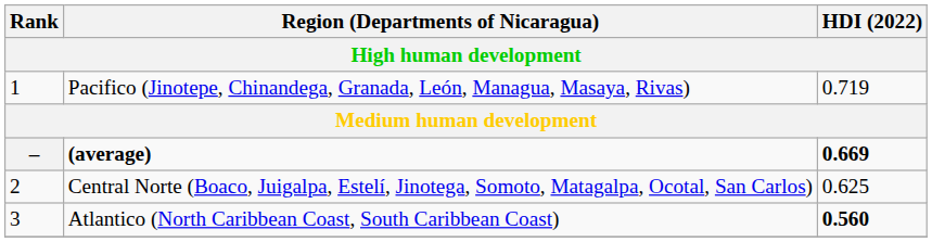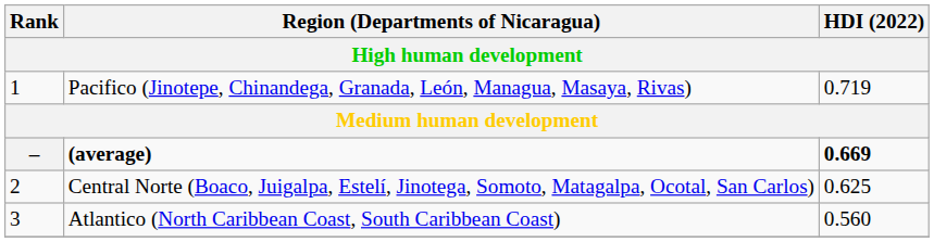 <table class="wikitable sortable">
 <tr>
 <th class="sort">Rank</th>
 <th class="sort">Region (Departments of Nicaragua)</th>
 <th class="sort">HDI (2022)</th>
 </tr>
 <tr>
 <th colspan="3" style="color:#0c0;">High human development</th>
 </tr>
 <tr>
 <td>1</td>
 <td>Pacifico (<a href='#'>Jinotepe</a>, <a href='#'>Chinandega</a>, <a href='#'>Granada</a>, <a href='#'>León</a>, <a href='#'>Managua</a>, <a href='#'>Masaya</a>, <a href='#'>Rivas</a>)</td>
 <td>0.719</td>
 </tr>
 <tr>
 <th colspan="3" style="color:#fc0;" align="center"><strong>Medium human development</strong></th>
 </tr>
 <tr>
 <th>–</th>
 <td> <strong>(average)</strong></td>
 <td><strong>0.669</strong></td>
 </tr>
 <tr>
 <td>2</td>
 <td>Central Norte (<a href='#'>Boaco</a>, <a href='#'>Juigalpa</a>, <a href='#'>Estelí</a>, <a href='#'>Jinotega</a>, <a href='#'>Somoto</a>, <a href='#'>Matagalpa</a>, <a href='#'>Ocotal</a>, <a href='#'>San Carlos</a>)</td>
 <td>0.625</td>
 </tr>
 <tr>
 <td>3</td>
 <td>Atlantico (<a href='#'>North Caribbean Coast</a>, <a href='#'>South Caribbean Coast</a>)</td>
-<td><strong>0.560</strong></td>
+<td>0.560</td>
 </tr>
 <tr>
 </tr>
 </table>
